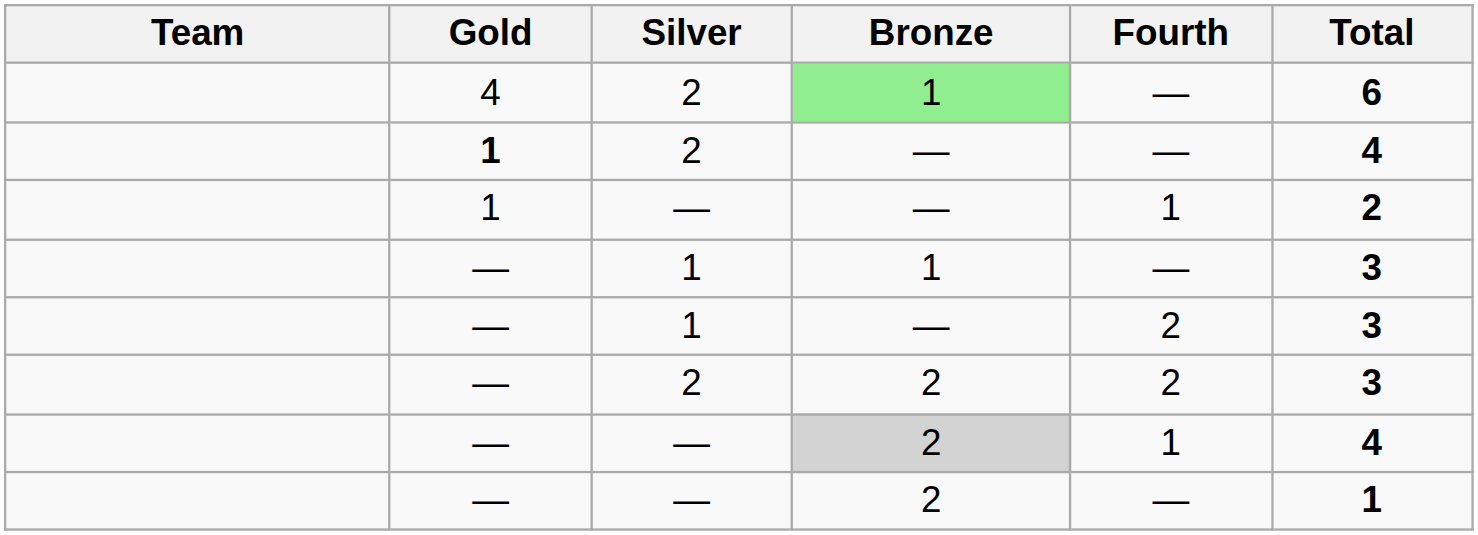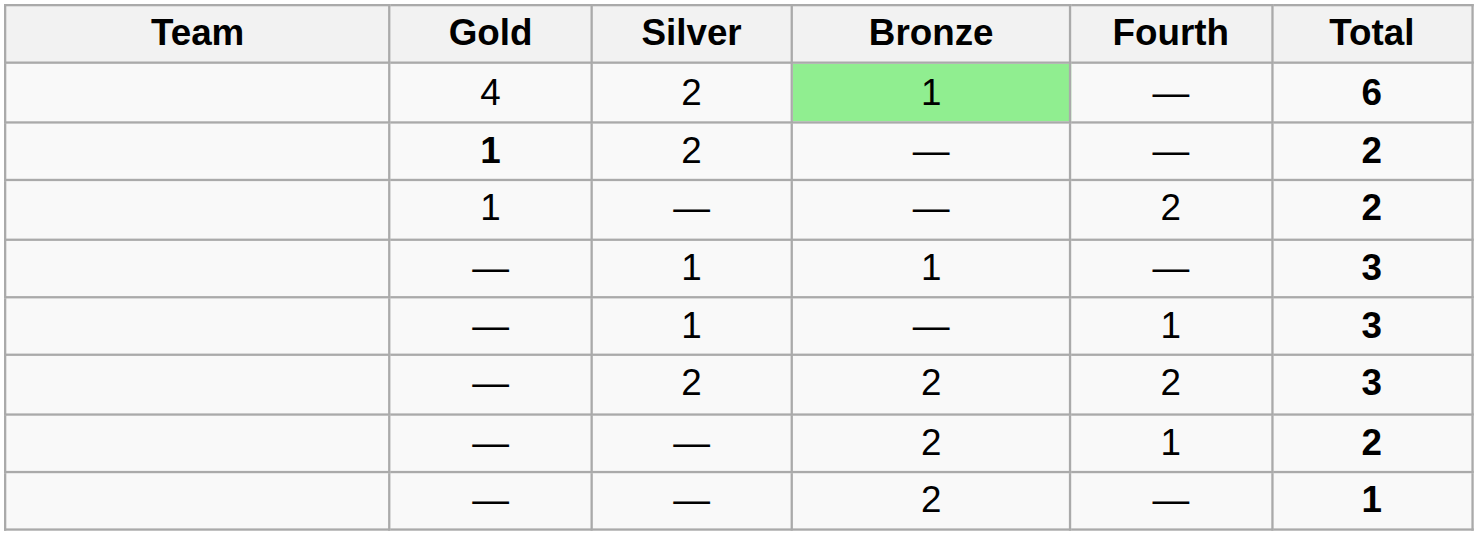 <table class="wikitable sortable" style="text-align:center;">
 <tr>
 <th style="width:10em;">Team</th>
 <th style="width:5em;"> Gold</th>
 <th style="width:5em;"> Silver</th>
 <th style="width:7.5em; padding:0;"> Bronze</th>
 <th style="width:5em;">Fourth</th>
 <th style="width:5em;">Total </th>
 </tr>
 <tr>
 <td align=left></td>
 <td>4</td>
 <td>2</td>
 <td style="background: lightgreen;">1</td>
 <td>—</td>
 <td><strong>6</strong></td>
 </tr>
 <tr>
 <td align=left></td>
 <td><strong>1</strong></td>
 <td>2</td>
 <td>—</td>
 <td>—</td>
-<td><strong>4</strong></td>
+<td><strong>2</strong></td>
 </tr>
 <tr>
 <td align=left></td>
 <td>1</td>
 <td>—</td>
 <td>—</td>
-<td>1</td>
+<td>2</td>
 <td><strong>2</strong></td>
 </tr>
 <tr>
 <td align=left></td>
 <td>—</td>
 <td>1</td>
 <td>1</td>
 <td>—</td>
 <td><strong>3</strong></td>
 </tr>
 <tr>
 <td align=left></td>
 <td>—</td>
 <td>1</td>
 <td>—</td>
-<td>2</td>
+<td>1</td>
 <td><strong>3</strong></td>
 </tr>
 <tr>
 <td align=left></td>
 <td>—</td>
 <td>2</td>
 <td>2</td>
 <td>2</td>
 <td><strong>3</strong></td>
 </tr>
 <tr>
 <td align=left></td>
 <td>—</td>
 <td>—</td>
-<td style="background: lightgrey;">2</td>
+<td>2</td>
 <td>1</td>
-<td><strong>4</strong></td>
+<td><strong>2</strong></td>
 </tr>
 <tr>
 <td align=left></td>
 <td>—</td>
 <td>—</td>
 <td>2</td>
 <td>—</td>
 <td><strong>1</strong></td>
 </tr>
 </table>
